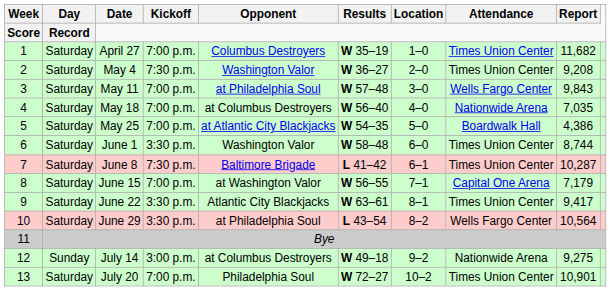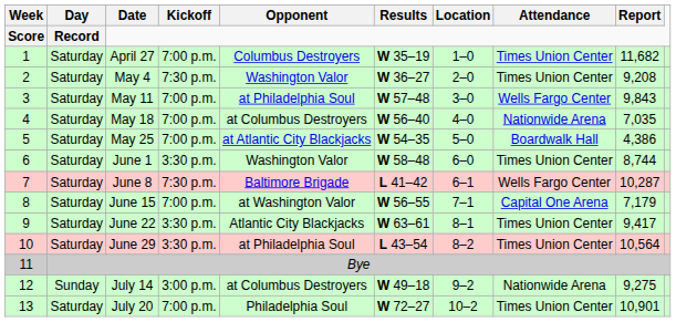 <table class="wikitable" style="text-align:center; font-size: 95%;">
 <tr>
 <th>Week</th>
 <th>Day</th>
 <th>Date</th>
 <th>Kickoff</th>
 <th>Opponent</th>
 <th>Results</th>
 <th>Location</th>
 <th>Attendance</th>
 <th>Report</th>
 </tr>
 <tr>
 <th>Score</th>
 <th>Record</th>
 </tr>
 <tr bgcolor="#ccffcc">
 <td>1</td>
 <td>Saturday</td>
 <td>April 27</td>
 <td>7:00 p.m.</td>
 <td><a href='#'>Columbus Destroyers</a></td>
 <td><strong>W</strong> 35–19</td>
 <td>1–0</td>
 <td><a href='#'>Times Union Center</a></td>
 <td>11,682</td>
 <td></td>
 </tr>
 <tr bgcolor="#ccffcc">
 <td>2</td>
 <td>Saturday</td>
 <td>May 4</td>
 <td>7:30 p.m.</td>
 <td><a href='#'>Washington Valor</a></td>
 <td><strong>W</strong> 36–27</td>
 <td>2–0</td>
 <td>Times Union Center</td>
 <td>9,208</td>
 <td></td>
 </tr>
 <tr bgcolor="#ccffcc">
 <td>3</td>
 <td>Saturday</td>
 <td>May 11</td>
 <td>7:00 p.m.</td>
 <td><a href='#'> at Philadelphia Soul</a></td>
 <td><strong>W</strong> 57–48</td>
 <td>3–0</td>
 <td><a href='#'>Wells Fargo Center</a></td>
 <td>9,843</td>
 <td></td>
 </tr>
 <tr bgcolor="#ccffcc">
 <td>4</td>
 <td>Saturday</td>
 <td>May 18</td>
 <td>7:00 p.m.</td>
 <td>at Columbus Destroyers</td>
 <td><strong>W</strong> 56–40</td>
 <td>4–0</td>
 <td><a href='#'>Nationwide Arena</a></td>
 <td>7,035</td>
 <td></td>
 </tr>
 <tr bgcolor="#ccffcc">
 <td>5</td>
 <td>Saturday</td>
 <td>May 25</td>
 <td>7:00 p.m.</td>
 <td><a href='#'> at Atlantic City Blackjacks</a></td>
 <td><strong>W</strong> 54–35</td>
 <td>5–0</td>
 <td><a href='#'>Boardwalk Hall</a></td>
 <td>4,386</td>
 <td></td>
 </tr>
 <tr bgcolor="#ccffcc">
 <td>6</td>
 <td>Saturday</td>
 <td>June 1</td>
 <td>3:30 p.m.</td>
 <td>Washington Valor</td>
 <td><strong>W</strong> 58–48</td>
 <td>6–0</td>
 <td>Times Union Center</td>
 <td>8,744</td>
 <td></td>
 </tr>
 <tr bgcolor="#ffcccc">
 <td>7</td>
 <td>Saturday</td>
 <td>June 8</td>
 <td>7:30 p.m.</td>
 <td><a href='#'>Baltimore Brigade</a></td>
 <td><strong>L</strong> 41–42</td>
 <td>6–1</td>
-<td>Times Union Center</td>
+<td>Wells Fargo Center</td>
 <td>10,287</td>
 <td></td>
 </tr>
 <tr bgcolor="#ccffcc">
 <td>8</td>
 <td>Saturday</td>
 <td>June 15</td>
 <td>7:00 p.m.</td>
 <td>at Washington Valor</td>
 <td><strong>W</strong> 56–55</td>
 <td>7–1</td>
 <td><a href='#'>Capital One Arena</a></td>
 <td>7,179</td>
 <td></td>
 </tr>
 <tr bgcolor="#ccffcc">
 <td>9</td>
 <td>Saturday</td>
 <td>June 22</td>
 <td>3:30 p.m.</td>
 <td>Atlantic City Blackjacks</td>
 <td><strong>W</strong> 63–61</td>
 <td>8–1</td>
 <td>Times Union Center</td>
 <td>9,417</td>
 <td></td>
 </tr>
 <tr bgcolor="#ffcccc">
 <td>10</td>
 <td>Saturday</td>
 <td>June 29</td>
 <td>3:30 p.m.</td>
 <td>at Philadelphia Soul</td>
 <td><strong>L</strong> 43–54</td>
 <td>8–2</td>
-<td>Wells Fargo Center</td>
+<td>Times Union Center</td>
 <td>10,564</td>
 <td></td>
 </tr>
 <tr bgcolor=#cccccc>
 <td>11</td>
 <td colspan=9><em>Bye</em></td>
 </tr>
 <tr bgcolor="#ccffcc">
 <td>12</td>
 <td>Sunday</td>
 <td>July 14</td>
 <td>3:00 p.m.</td>
 <td>at Columbus Destroyers</td>
 <td><strong>W</strong> 49–18</td>
 <td>9–2</td>
 <td>Nationwide Arena</td>
 <td>9,275</td>
 <td></td>
 </tr>
 <tr bgcolor="#ccffcc">
 <td>13</td>
 <td>Saturday</td>
 <td>July 20</td>
 <td>7:00 p.m.</td>
 <td>Philadelphia Soul</td>
 <td><strong>W</strong> 72–27</td>
 <td>10–2</td>
 <td>Times Union Center</td>
 <td>10,901</td>
 <td></td>
 </tr>
 </table>
